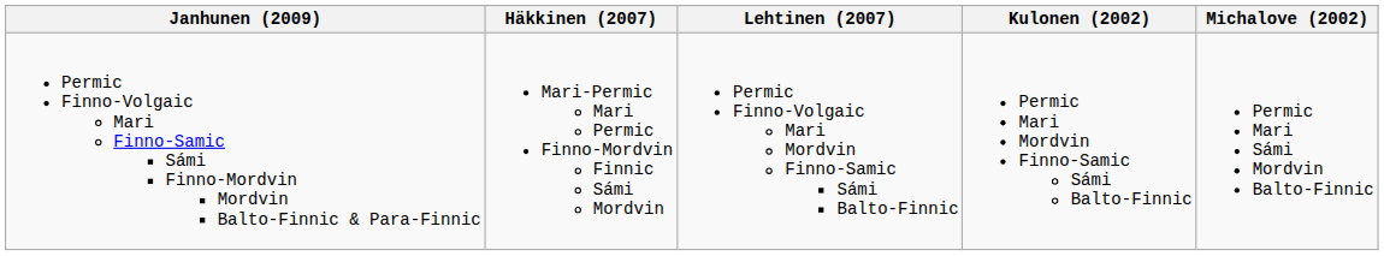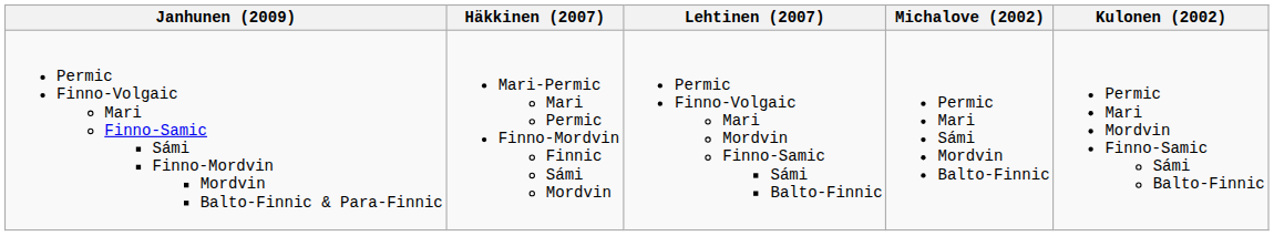 <table class="wikitable">
 <tr>
 <th>Janhunen (2009)</th>
 <th>Häkkinen (2007)</th>
 <th>Lehtinen (2007)</th>
+<th>Michalove (2002)</th>
 <th>Kulonen (2002)</th>
-<th>Michalove (2002)</th>
 </tr>
 <tr>
 <td><br><ul><li>Permic</li><li>Finno-Volgaic<ul><li>Mari</li><li><a href='#'>Finno-Samic</a><ul><li>Sámi</li><li>Finno-Mordvin<ul><li>Mordvin</li><li>Balto-Finnic & Para-Finnic</li></ul></li></ul></li></ul></li></ul></td>
 <td><br><ul><li>Mari-Permic<ul><li>Mari</li><li>Permic</li></ul></li><li>Finno-Mordvin<ul><li>Finnic</li><li>Sámi</li><li>Mordvin</li></ul></li></ul></td>
 <td><br><ul><li>Permic</li><li>Finno-Volgaic<ul><li>Mari</li><li>Mordvin</li><li>Finno-Samic<ul><li>Sámi</li><li>Balto-Finnic</li></ul></li></ul></li></ul></td>
+<td><br><ul><li>Permic</li><li>Mari</li><li>Sámi</li><li>Mordvin</li><li>Balto-Finnic</li></ul></td>
 <td><br><ul><li>Permic</li><li>Mari</li><li>Mordvin</li><li>Finno-Samic<ul><li>Sámi</li><li>Balto-Finnic</li></ul></li></ul></td>
-<td><br><ul><li>Permic</li><li>Mari</li><li>Sámi</li><li>Mordvin</li><li>Balto-Finnic</li></ul></td>
 </tr>
 </table>
